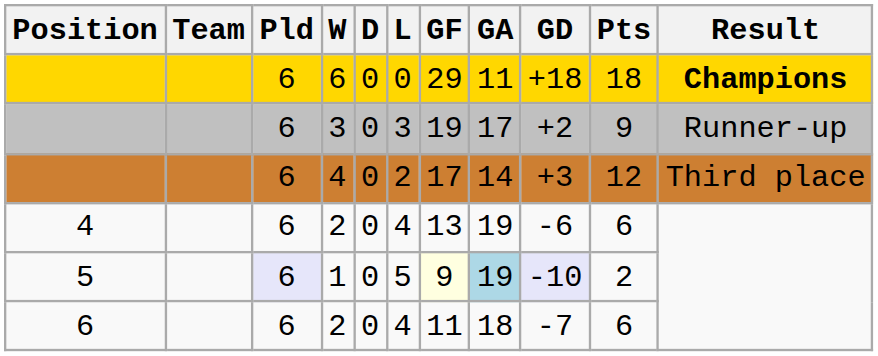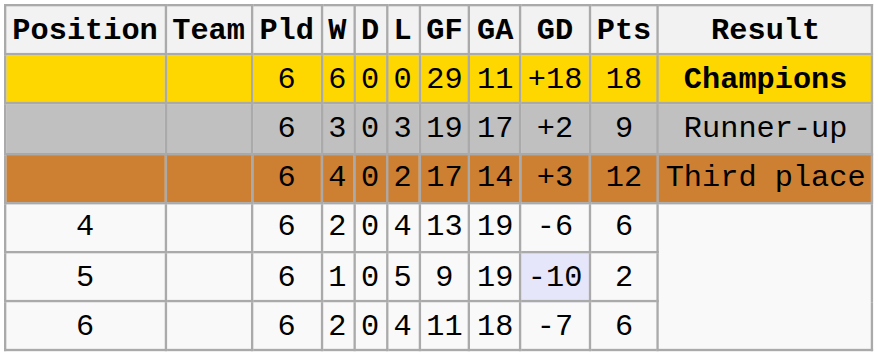 <table class="wikitable" style="text-align:center;">
 <tr>
 <th>Position</th>
 <th>Team</th>
 <th>Pld</th>
 <th>W</th>
 <th>D</th>
 <th>L</th>
 <th>GF</th>
 <th>GA</th>
 <th>GD</th>
 <th>Pts</th>
 <th>Result</th>
 </tr>
 <tr style="background:#FFD700;">
 <td></td>
 <td></td>
 <td>6</td>
 <td>6</td>
 <td>0</td>
 <td>0</td>
 <td>29</td>
 <td>11</td>
 <td>+18</td>
 <td>18</td>
 <td><strong>Champions</strong></td>
 </tr>
 <tr style="background:#C0C0C0;">
 <td></td>
 <td></td>
 <td>6</td>
 <td>3</td>
 <td>0</td>
 <td>3</td>
 <td>19</td>
 <td>17</td>
 <td>+2</td>
 <td>9</td>
 <td>Runner-up</td>
 </tr>
 <tr style="background:#CD7F32;">
 <td></td>
 <td></td>
 <td>6</td>
 <td>4</td>
 <td>0</td>
 <td>2</td>
 <td>17</td>
 <td>14</td>
 <td>+3</td>
 <td>12</td>
 <td>Third place</td>
 </tr>
 <tr>
 <td>4</td>
 <td></td>
 <td>6</td>
 <td>2</td>
 <td>0</td>
 <td>4</td>
 <td>13</td>
 <td>19</td>
 <td>-6</td>
 <td>6</td>
 <td rowspan="3"></td>
 </tr>
 <tr>
 <td>5</td>
 <td></td>
-<td style="background: lavender;">6</td>
+<td>6</td>
 <td>1</td>
 <td>0</td>
 <td>5</td>
-<td style="background: lightyellow;">9</td>
-<td style="background: lightblue;">19</td>
+<td>9</td>
+<td>19</td>
 <td style="background: lavender;">-10</td>
 <td>2</td>
 </tr>
 <tr>
 <td>6</td>
 <td></td>
 <td>6</td>
 <td>2</td>
 <td>0</td>
 <td>4</td>
 <td>11</td>
 <td>18</td>
 <td>-7</td>
 <td>6</td>
 </tr>
 </table>
